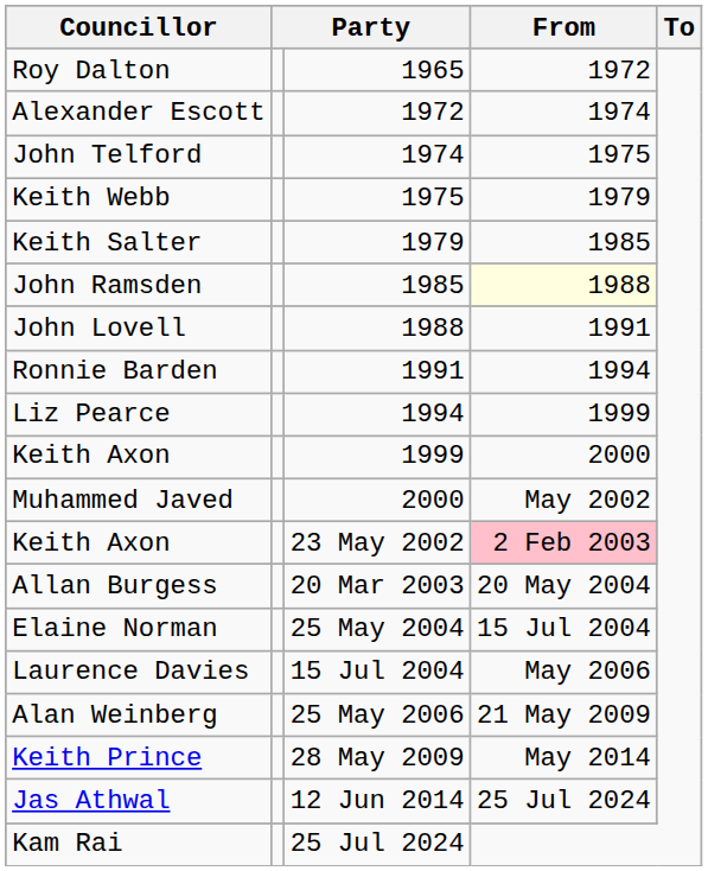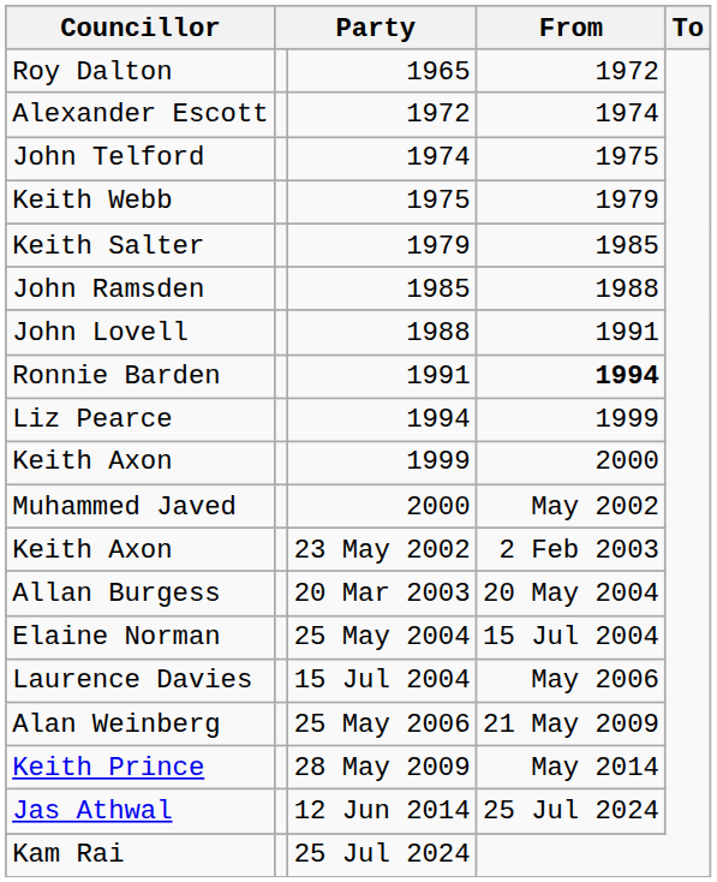 <table class=wikitable>
 <tr>
 <th>Councillor</th>
 <th colspan=2>Party</th>
 <th>From</th>
 <th>To</th>
 </tr>
 <tr>
 <td>Roy Dalton</td>
 <td></td>
 <td align=right>1965</td>
 <td align=right>1972</td>
 </tr>
 <tr>
 <td>Alexander Escott</td>
 <td></td>
 <td align=right>1972</td>
 <td align=right>1974</td>
 </tr>
 <tr>
 <td>John Telford</td>
 <td></td>
 <td align=right>1974</td>
 <td align=right>1975</td>
 </tr>
 <tr>
 <td>Keith Webb</td>
 <td></td>
 <td align=right>1975</td>
 <td align=right>1979</td>
 </tr>
 <tr>
 <td>Keith Salter</td>
 <td></td>
 <td align=right>1979</td>
 <td align=right>1985</td>
 </tr>
 <tr>
 <td>John Ramsden</td>
 <td></td>
 <td align=right>1985</td>
-<td align=right style="background: lightyellow;">1988</td>
+<td align=right>1988</td>
 </tr>
 <tr>
 <td>John Lovell</td>
 <td></td>
 <td align=right>1988</td>
 <td align=right>1991</td>
 </tr>
 <tr>
 <td>Ronnie Barden</td>
 <td></td>
 <td align=right>1991</td>
-<td align=right>1994</td>
+<td align=right><strong>1994</strong></td>
 </tr>
 <tr>
 <td>Liz Pearce</td>
 <td></td>
 <td align=right>1994</td>
 <td align=right>1999</td>
 </tr>
 <tr>
 <td>Keith Axon</td>
 <td></td>
 <td align=right>1999</td>
 <td align=right>2000</td>
 </tr>
 <tr>
 <td>Muhammed Javed</td>
 <td></td>
 <td align=right>2000</td>
 <td align=right>May 2002</td>
 </tr>
 <tr>
 <td>Keith Axon</td>
 <td></td>
 <td align=right>23 May 2002</td>
-<td align=right style="background: pink;">2 Feb 2003</td>
+<td align=right>2 Feb 2003</td>
 </tr>
 <tr>
 <td>Allan Burgess</td>
 <td></td>
 <td align=right>20 Mar 2003</td>
 <td align=right>20 May 2004</td>
 </tr>
 <tr>
 <td>Elaine Norman</td>
 <td></td>
 <td align=right>25 May 2004</td>
 <td align=right>15 Jul 2004</td>
 </tr>
 <tr>
 <td>Laurence Davies</td>
 <td></td>
 <td align=right>15 Jul 2004</td>
 <td align=right>May 2006</td>
 </tr>
 <tr>
 <td>Alan Weinberg</td>
 <td></td>
 <td align=right>25 May 2006</td>
 <td align=right>21 May 2009</td>
 </tr>
 <tr>
 <td><a href='#'>Keith Prince</a> </td>
 <td></td>
 <td align=right>28 May 2009</td>
 <td align=right>May 2014</td>
 </tr>
 <tr>
 <td><a href='#'>Jas Athwal</a></td>
 <td></td>
 <td align=right>12 Jun 2014</td>
 <td align=right>25 Jul 2024</td>
 </tr>
 <tr>
 <td>Kam Rai</td>
 <td></td>
 <td align=right>25 Jul 2024</td>
 </tr>
 </table>
